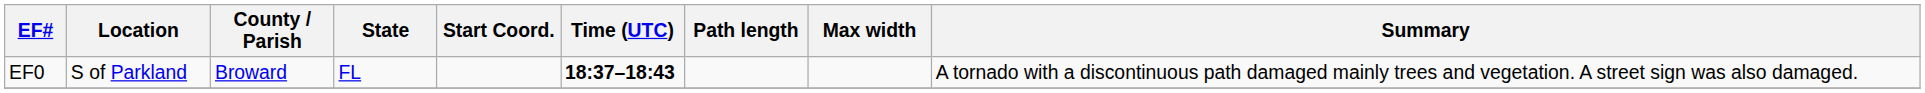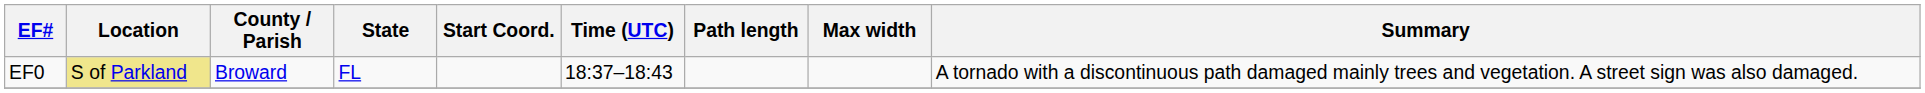 <table class="wikitable sortable" style="width:100%;">
 <tr>
 <th scope="col"  style="width:3%; text-align:center;"><a href='#'>EF#</a></th>
 <th scope="col"  style="width:7%; text-align:center;" class="unsortable">Location</th>
 <th scope="col"  style="width:6%; text-align:center;" class="unsortable">County / Parish</th>
 <th scope="col"  style="width:5%; text-align:center;">State</th>
 <th scope="col"  style="width:6%; text-align:center;">Start Coord.</th>
 <th scope="col"  style="width:6%; text-align:center;">Time (<a href='#'>UTC</a>)</th>
 <th scope="col"  style="width:6%; text-align:center;">Path length</th>
 <th scope="col"  style="width:6%; text-align:center;">Max width</th>
 <th scope="col" class="unsortable" style="width:48%; text-align:center;">Summary</th>
 </tr>
 <tr>
 <td bgcolor=>EF0</td>
-<td>S of <a href='#'>Parkland</a></td>
+<td style="background: khaki;">S of <a href='#'>Parkland</a></td>
 <td><a href='#'>Broward</a></td>
 <td><a href='#'>FL</a></td>
 <td></td>
-<td><strong>18:37–18:43</strong></td>
+<td>18:37–18:43</td>
 <td></td>
 <td></td>
 <td>A tornado with a discontinuous path damaged mainly trees and vegetation. A street sign was also damaged.</td>
 </tr>
 <tr>
 </tr>
 </table>
